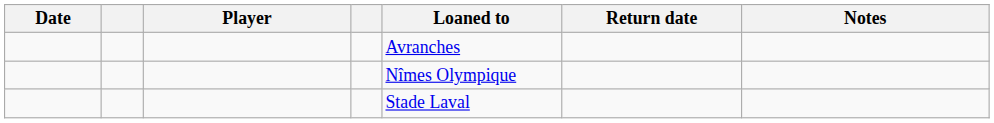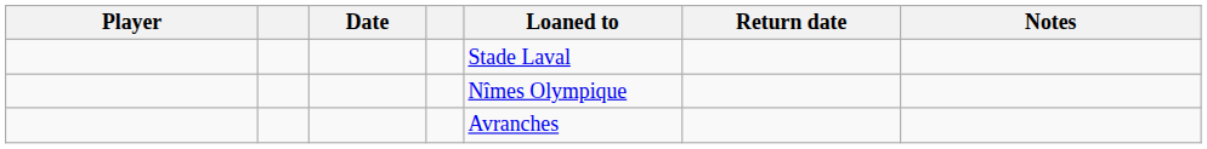 <table class="wikitable sortable">
 <tr>
+<th style="width:180px;">Player</th>
+<th style="width:30px;"></th>
 <th style="width:80px;">Date</th>
-<th style="width:30px;"></th>
-<th style="width:180px;">Player</th>
 <th style="width:20px;"></th>
 <th style="width:155px;">Loaned to</th>
 <th style="width:155px;" class="unsortable">Return date</th>
 <th style="width:215px;" class="unsortable">Notes</th>
 </tr>
 <tr>
+<td> </td>
+<td align=center></td>
 <td></td>
-<td align=center></td>
-<td> </td>
 <td></td>
-<td> <a href='#'>Avranches</a></td>
+<td> <a href='#'>Stade Laval</a></td>
 <td></td>
 <td align=center></td>
 </tr>
 <tr>
+<td> </td>
+<td align=center></td>
 <td></td>
-<td align=center></td>
-<td> </td>
 <td></td>
 <td> <a href='#'>Nîmes Olympique</a></td>
 <td></td>
 <td align=center></td>
 </tr>
 <tr>
+<td> </td>
+<td align=center></td>
 <td></td>
-<td align=center></td>
-<td> </td>
 <td></td>
-<td> <a href='#'>Stade Laval</a></td>
+<td> <a href='#'>Avranches</a></td>
 <td></td>
 <td align=center></td>
 </tr>
 </table>
